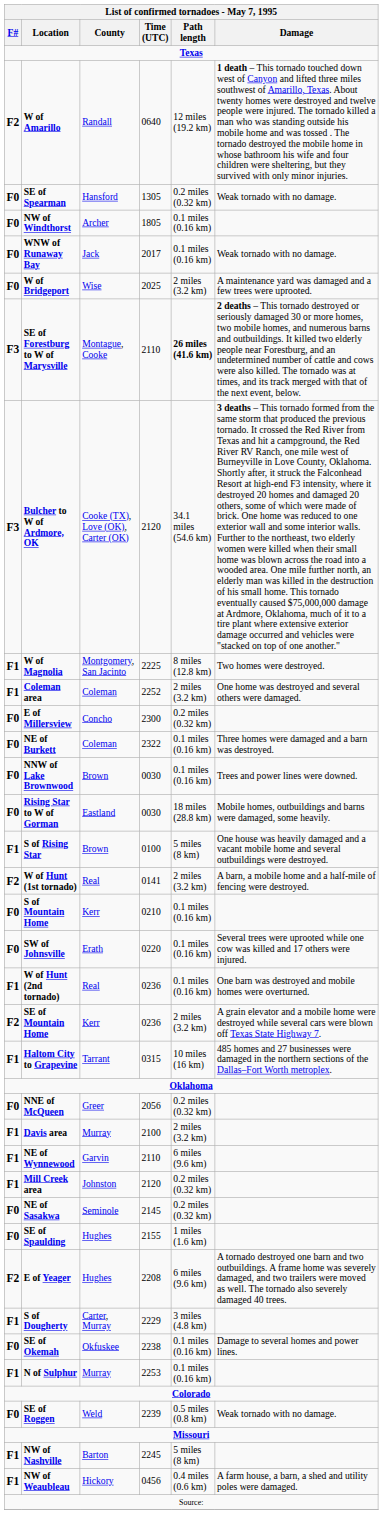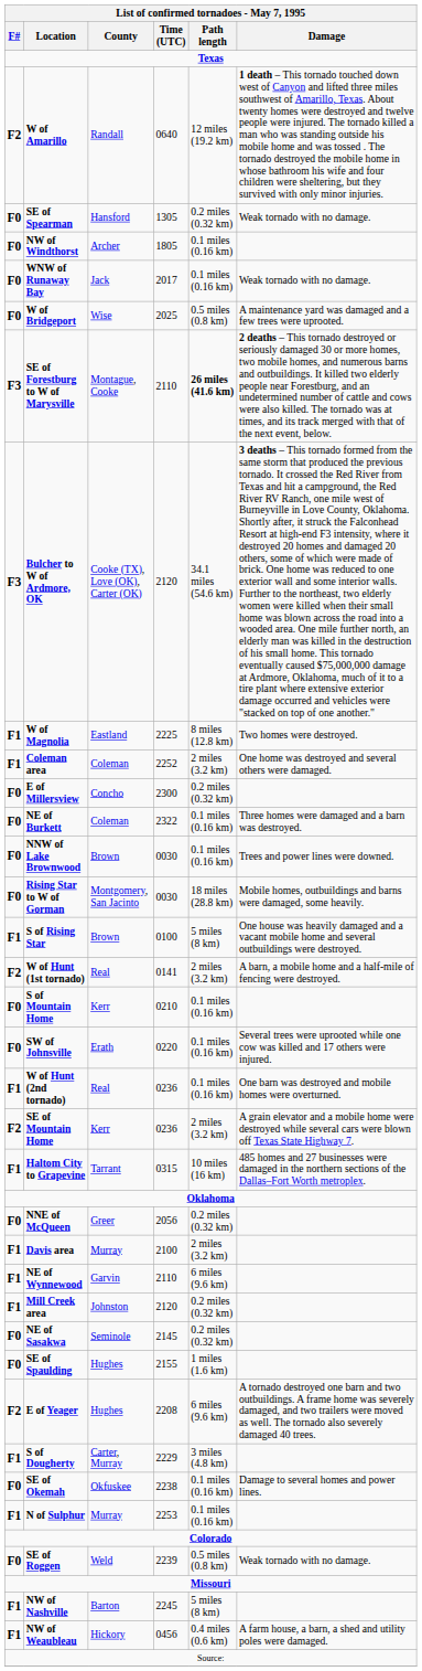 <table class="wikitable collapsible" width="100%">
 <tr>
 <th colspan="6">List of confirmed tornadoes - May 7, 1995</th>
 </tr>
 <tr>
 <th><a href='#'>F#</a></th>
 <th>Location</th>
 <th>County</th>
 <th>Time (UTC)</th>
 <th>Path length</th>
 <th>Damage</th>
 </tr>
 <tr>
 <td colspan="7" align=center><strong><a href='#'>Texas</a></strong></td>
 </tr>
 <tr>
 <td><big><strong>F2</strong></big></td>
 <td><strong>W of <a href='#'>Amarillo</a></strong></td>
 <td><a href='#'>Randall</a></td>
 <td>0640</td>
 <td>12 miles <br> (19.2 km)</td>
 <td><strong>1 death</strong> – This tornado touched down west of <a href='#'>Canyon</a> and lifted three miles southwest of <a href='#'>Amarillo, Texas</a>. About twenty homes were destroyed and twelve people were injured. The tornado killed a man who was standing outside his mobile home and was tossed . The tornado destroyed the mobile home in whose bathroom his wife and four children were sheltering, but they survived with only minor injuries.</td>
 </tr>
 <tr>
 <td><big><strong>F0</strong></big></td>
 <td><strong>SE of <a href='#'>Spearman</a></strong></td>
 <td><a href='#'>Hansford</a></td>
 <td>1305</td>
 <td>0.2 miles <br> (0.32 km)</td>
 <td>Weak tornado with no damage.</td>
 </tr>
 <tr>
 <td><big><strong>F0</strong></big></td>
 <td><strong>NW of <a href='#'>Windthorst</a></strong></td>
 <td><a href='#'>Archer</a></td>
 <td>1805</td>
 <td>0.1 miles <br> (0.16 km)</td>
 <td></td>
 </tr>
 <tr>
 <td><big><strong>F0</strong></big></td>
 <td><strong>WNW of <a href='#'>Runaway Bay</a></strong></td>
 <td><a href='#'>Jack</a></td>
 <td>2017</td>
 <td>0.1 miles <br> (0.16 km)</td>
 <td>Weak tornado with no damage.</td>
 </tr>
 <tr>
 <td><big><strong>F0</strong></big></td>
 <td><strong>W of <a href='#'>Bridgeport</a></strong></td>
 <td><a href='#'>Wise</a></td>
 <td>2025</td>
-<td>2 miles <br> (3.2 km)</td>
+<td>0.5 miles <br> (0.8 km)</td>
 <td>A maintenance yard was damaged and a few trees were uprooted.</td>
 </tr>
 <tr>
 <td><big><strong>F3</strong></big></td>
 <td><strong>SE of <a href='#'>Forestburg</a> to W of <a href='#'>Marysville</a></strong></td>
 <td><a href='#'>Montague</a>, <a href='#'>Cooke</a></td>
 <td>2110</td>
 <td><strong>26 miles <br> (41.6 km)</strong></td>
 <td><strong>2 deaths</strong> – This tornado destroyed or seriously damaged 30 or more homes, two mobile homes, and numerous barns and outbuildings. It killed two elderly people near Forestburg, and an undetermined number of cattle and cows were also killed. The tornado was  at times, and its track merged with that of the next event, below.</td>
 </tr>
 <tr>
 <td><big><strong>F3</strong></big></td>
 <td><strong><a href='#'>Bulcher</a> to W of <a href='#'>Ardmore, OK</a></strong></td>
 <td><a href='#'>Cooke (TX)</a>, <a href='#'>Love (OK)</a>, <a href='#'>Carter (OK)</a></td>
 <td>2120</td>
 <td>34.1 miles <br> (54.6 km)</td>
 <td><strong>3 deaths</strong> – This tornado formed from the same storm that produced the previous tornado. It crossed the Red River from Texas and hit a campground, the Red River RV Ranch, one mile west of Burneyville in Love County, Oklahoma. Shortly after, it struck the Falconhead Resort at high-end F3 intensity, where it destroyed 20 homes and damaged 20 others, some of which were made of brick. One home was reduced to one exterior wall and some interior walls. Further to the northeast, two elderly women were killed when their small home was blown across the road into a wooded area. One mile further north, an elderly man was killed in the destruction of his small home. This tornado eventually caused $75,000,000 damage at Ardmore, Oklahoma, much of it to a tire plant where extensive exterior damage occurred and vehicles were "stacked on top of one another."</td>
 </tr>
 <tr>
 <td><big><strong>F1</strong></big></td>
 <td><strong>W of <a href='#'>Magnolia</a></strong></td>
-<td><a href='#'>Montgomery</a>, <a href='#'>San Jacinto</a></td>
+<td><a href='#'>Eastland</a></td>
 <td>2225</td>
 <td>8 miles <br> (12.8 km)</td>
 <td>Two homes were destroyed.</td>
 </tr>
 <tr>
 <td><big><strong>F1</strong></big></td>
 <td><strong><a href='#'>Coleman</a> area</strong></td>
 <td><a href='#'>Coleman</a></td>
 <td>2252</td>
 <td>2 miles <br> (3.2 km)</td>
 <td>One home was destroyed and several others were damaged.</td>
 </tr>
 <tr>
 <td><big><strong>F0</strong></big></td>
 <td><strong>E of <a href='#'>Millersview</a></strong></td>
 <td><a href='#'>Concho</a></td>
 <td>2300</td>
 <td>0.2 miles <br> (0.32 km)</td>
 <td></td>
 </tr>
 <tr>
 <td><big><strong>F0</strong></big></td>
 <td><strong>NE of <a href='#'>Burkett</a></strong></td>
 <td><a href='#'>Coleman</a></td>
 <td>2322</td>
 <td>0.1 miles <br> (0.16 km)</td>
 <td>Three homes were damaged and a barn was destroyed.</td>
 </tr>
 <tr>
 <td><big><strong>F0</strong></big></td>
 <td><strong>NNW of <a href='#'>Lake Brownwood</a></strong></td>
 <td><a href='#'>Brown</a></td>
 <td>0030</td>
 <td>0.1 miles <br> (0.16 km)</td>
 <td>Trees and power lines were downed.</td>
 </tr>
 <tr>
 <td><big><strong>F0</strong></big></td>
 <td><strong><a href='#'>Rising Star</a> to W of <a href='#'>Gorman</a></strong></td>
-<td><a href='#'>Eastland</a></td>
+<td><a href='#'>Montgomery</a>, <a href='#'>San Jacinto</a></td>
 <td>0030</td>
 <td>18 miles <br> (28.8 km)</td>
 <td>Mobile homes, outbuildings and barns were damaged, some heavily.</td>
 </tr>
 <tr>
 <td><big><strong>F1</strong></big></td>
 <td><strong>S of <a href='#'>Rising Star</a></strong></td>
 <td><a href='#'>Brown</a></td>
 <td>0100</td>
 <td>5 miles <br> (8 km)</td>
 <td>One house was heavily damaged and a vacant mobile home and several outbuildings were destroyed.</td>
 </tr>
 <tr>
 <td><big><strong>F2</strong></big></td>
 <td><strong>W of <a href='#'>Hunt</a> (1st tornado)</strong></td>
 <td><a href='#'>Real</a></td>
 <td>0141</td>
 <td>2 miles <br> (3.2 km)</td>
 <td>A barn, a mobile home and a half-mile of fencing were destroyed.</td>
 </tr>
 <tr>
 <td><big><strong>F0</strong></big></td>
 <td><strong>S of <a href='#'>Mountain Home</a></strong></td>
 <td><a href='#'>Kerr</a></td>
 <td>0210</td>
 <td>0.1 miles <br> (0.16 km)</td>
 <td></td>
 </tr>
 <tr>
 <td><big><strong>F0</strong></big></td>
 <td><strong>SW of <a href='#'>Johnsville</a></strong></td>
 <td><a href='#'>Erath</a></td>
 <td>0220</td>
 <td>0.1 miles <br> (0.16 km)</td>
 <td>Several trees were uprooted while one cow was killed and 17 others were injured.</td>
 </tr>
 <tr>
 <td><big><strong>F1</strong></big></td>
 <td><strong>W of <a href='#'>Hunt</a> (2nd tornado)</strong></td>
 <td><a href='#'>Real</a></td>
 <td>0236</td>
 <td>0.1 miles <br> (0.16 km)</td>
 <td>One barn was destroyed and mobile homes were overturned.</td>
 </tr>
 <tr>
 <td><big><strong>F2</strong></big></td>
 <td><strong>SE of <a href='#'>Mountain Home</a></strong></td>
 <td><a href='#'>Kerr</a></td>
 <td>0236</td>
 <td>2 miles <br> (3.2 km)</td>
 <td>A grain elevator and a mobile home were destroyed while several cars were blown off <a href='#'>Texas State Highway 7</a>.</td>
 </tr>
 <tr>
 <td><big><strong>F1</strong></big></td>
 <td><strong><a href='#'>Haltom City</a> to <a href='#'>Grapevine</a></strong></td>
 <td><a href='#'>Tarrant</a></td>
 <td>0315</td>
 <td>10 miles <br> (16 km)</td>
 <td>485 homes and 27 businesses were damaged in the northern sections of the <a href='#'>Dallas–Fort Worth metroplex</a>.</td>
 </tr>
 <tr>
 <td colspan="7" align=center><strong><a href='#'>Oklahoma</a></strong></td>
 </tr>
 <tr>
 <td><big><strong>F0</strong></big></td>
 <td><strong>NNE of <a href='#'>McQueen</a></strong></td>
 <td><a href='#'>Greer</a></td>
 <td>2056</td>
 <td>0.2 miles <br> (0.32 km)</td>
 <td></td>
 </tr>
 <tr>
 <td><big><strong>F1</strong></big></td>
 <td><strong><a href='#'>Davis</a> area</strong></td>
 <td><a href='#'>Murray</a></td>
 <td>2100</td>
 <td>2 miles <br> (3.2 km)</td>
 <td></td>
 </tr>
 <tr>
 <td><big><strong>F1</strong></big></td>
 <td><strong>NE of <a href='#'>Wynnewood</a></strong></td>
 <td><a href='#'>Garvin</a></td>
 <td>2110</td>
 <td>6 miles <br> (9.6 km)</td>
 <td></td>
 </tr>
 <tr>
 <td><big><strong>F1</strong></big></td>
 <td><strong><a href='#'>Mill Creek</a> area</strong></td>
 <td><a href='#'>Johnston</a></td>
 <td>2120</td>
 <td>0.2 miles <br> (0.32 km)</td>
 <td></td>
 </tr>
 <tr>
 <td><big><strong>F0</strong></big></td>
 <td><strong>NE of <a href='#'>Sasakwa</a></strong></td>
 <td><a href='#'>Seminole</a></td>
 <td>2145</td>
 <td>0.2 miles <br> (0.32 km)</td>
 <td></td>
 </tr>
 <tr>
 <td><big><strong>F0</strong></big></td>
 <td><strong>SE of <a href='#'>Spaulding</a></strong></td>
 <td><a href='#'>Hughes</a></td>
 <td>2155</td>
 <td>1 miles <br> (1.6 km)</td>
 <td></td>
 </tr>
 <tr>
 <td><big><strong>F2</strong></big></td>
 <td><strong>E of <a href='#'>Yeager</a></strong></td>
 <td><a href='#'>Hughes</a></td>
 <td>2208</td>
 <td>6 miles <br> (9.6 km)</td>
 <td>A tornado destroyed one barn and two outbuildings. A frame home was severely damaged, and two trailers were moved  as well. The tornado also severely damaged 40 trees.</td>
 </tr>
 <tr>
 <td><big><strong>F1</strong></big></td>
 <td><strong>S of <a href='#'>Dougherty</a></strong></td>
 <td><a href='#'>Carter</a>, <a href='#'>Murray</a></td>
 <td>2229</td>
 <td>3 miles <br> (4.8 km)</td>
 <td></td>
 </tr>
 <tr>
 <td><big><strong>F0</strong></big></td>
 <td><strong>SE of <a href='#'>Okemah</a></strong></td>
 <td><a href='#'>Okfuskee</a></td>
 <td>2238</td>
 <td>0.1 miles <br> (0.16 km)</td>
 <td>Damage to several homes and power lines.</td>
 </tr>
 <tr>
 <td><big><strong>F1</strong></big></td>
 <td><strong>N of <a href='#'>Sulphur</a></strong></td>
 <td><a href='#'>Murray</a></td>
 <td>2253</td>
 <td>0.1 miles <br> (0.16 km)</td>
 <td></td>
 </tr>
 <tr>
 <td colspan="7" align=center><strong><a href='#'>Colorado</a></strong></td>
 </tr>
 <tr>
 <td><big><strong>F0</strong></big></td>
 <td><strong>SE of <a href='#'>Roggen</a></strong></td>
 <td><a href='#'>Weld</a></td>
 <td>2239</td>
 <td>0.5 miles <br> (0.8 km)</td>
 <td>Weak tornado with no damage.</td>
 </tr>
 <tr>
 <td colspan="7" align=center><strong><a href='#'>Missouri</a></strong></td>
 </tr>
 <tr>
 <td><big><strong>F1</strong></big></td>
 <td><strong>NW of <a href='#'>Nashville</a></strong></td>
 <td><a href='#'>Barton</a></td>
 <td>2245</td>
 <td>5 miles <br> (8 km)</td>
 <td></td>
 </tr>
 <tr>
 <td><big><strong>F1</strong></big></td>
 <td><strong>NW of <a href='#'>Weaubleau</a></strong></td>
 <td><a href='#'>Hickory</a></td>
 <td>0456</td>
 <td>0.4 miles <br> (0.6 km)</td>
 <td>A farm house, a barn, a shed and utility poles were damaged.</td>
 </tr>
 <tr>
 <td colspan="7" align=center><small>Source:  </small></td>
 </tr>
 <tr>
 </tr>
 </table>
